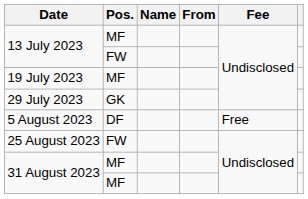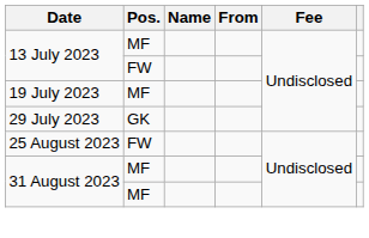 <table class="wikitable">
 <tr>
 <th>Date</th>
 <th>Pos.</th>
 <th>Name</th>
 <th>From</th>
 <th>Fee</th>
 <th></th>
 </tr>
 <tr>
 <td rowspan="2">13 July 2023</td>
 <td>MF</td>
 <td></td>
 <td></td>
 <td rowspan="4">Undisclosed</td>
 <td></td>
 </tr>
 <tr>
 <td>FW</td>
 <td></td>
 <td></td>
 <td></td>
 </tr>
 <tr>
 <td>19 July 2023</td>
 <td>MF</td>
 <td></td>
 <td></td>
 <td></td>
 </tr>
 <tr>
 <td>29 July 2023</td>
 <td>GK</td>
 <td></td>
 <td></td>
 <td></td>
 </tr>
 <tr>
-<td>5 August 2023</td>
-<td>DF</td>
-<td></td>
-<td></td>
-<td>Free</td>
-<td></td>
-</tr>
-<tr>
 <td>25 August 2023</td>
 <td>FW</td>
 <td></td>
 <td></td>
 <td rowspan="3">Undisclosed</td>
 <td></td>
 </tr>
 <tr>
 <td rowspan="2">31 August 2023</td>
 <td>MF</td>
 <td></td>
 <td></td>
 <td></td>
 </tr>
 <tr>
 <td>MF</td>
 <td></td>
 <td></td>
 <td></td>
 </tr>
 </table>
